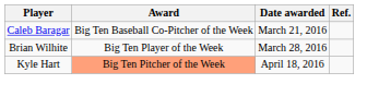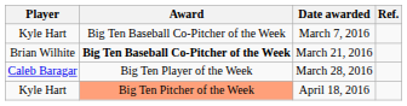 <table class="wikitable sortable sortable" style="text-align: center">
 <tr align=center>
 <th>Player</th>
 <th>Award</th>
 <th>Date awarded</th>
 <th>Ref.</th>
 </tr>
 <tr>
-<td><a href='#'>Caleb Baragar</a></td>
+<td>Kyle Hart</td>
 <td rowspan="1">Big Ten Baseball Co-Pitcher of the Week</td>
+<td rowspan="1">March 7, 2016</td>
+<td rowspan="1"></td>
+</tr>
+<tr>
+<td>Brian Wilhite</td>
+<td rowspan="1"><strong>Big Ten Baseball Co-Pitcher of the Week</strong></td>
 <td rowspan="1">March 21, 2016</td>
 <td rowspan="1"></td>
 </tr>
 <tr>
-<td>Brian Wilhite</td>
+<td><a href='#'>Caleb Baragar</a></td>
 <td rowspan="1">Big Ten Player of the Week</td>
 <td rowspan="1">March 28, 2016</td>
 <td rowspan="1"></td>
 </tr>
 <tr>
 <td>Kyle Hart</td>
 <td rowspan="1" style="background: lightsalmon;">Big Ten Pitcher of the Week</td>
 <td rowspan="1">April 18, 2016</td>
 <td rowspan="1"></td>
 </tr>
 </table>
